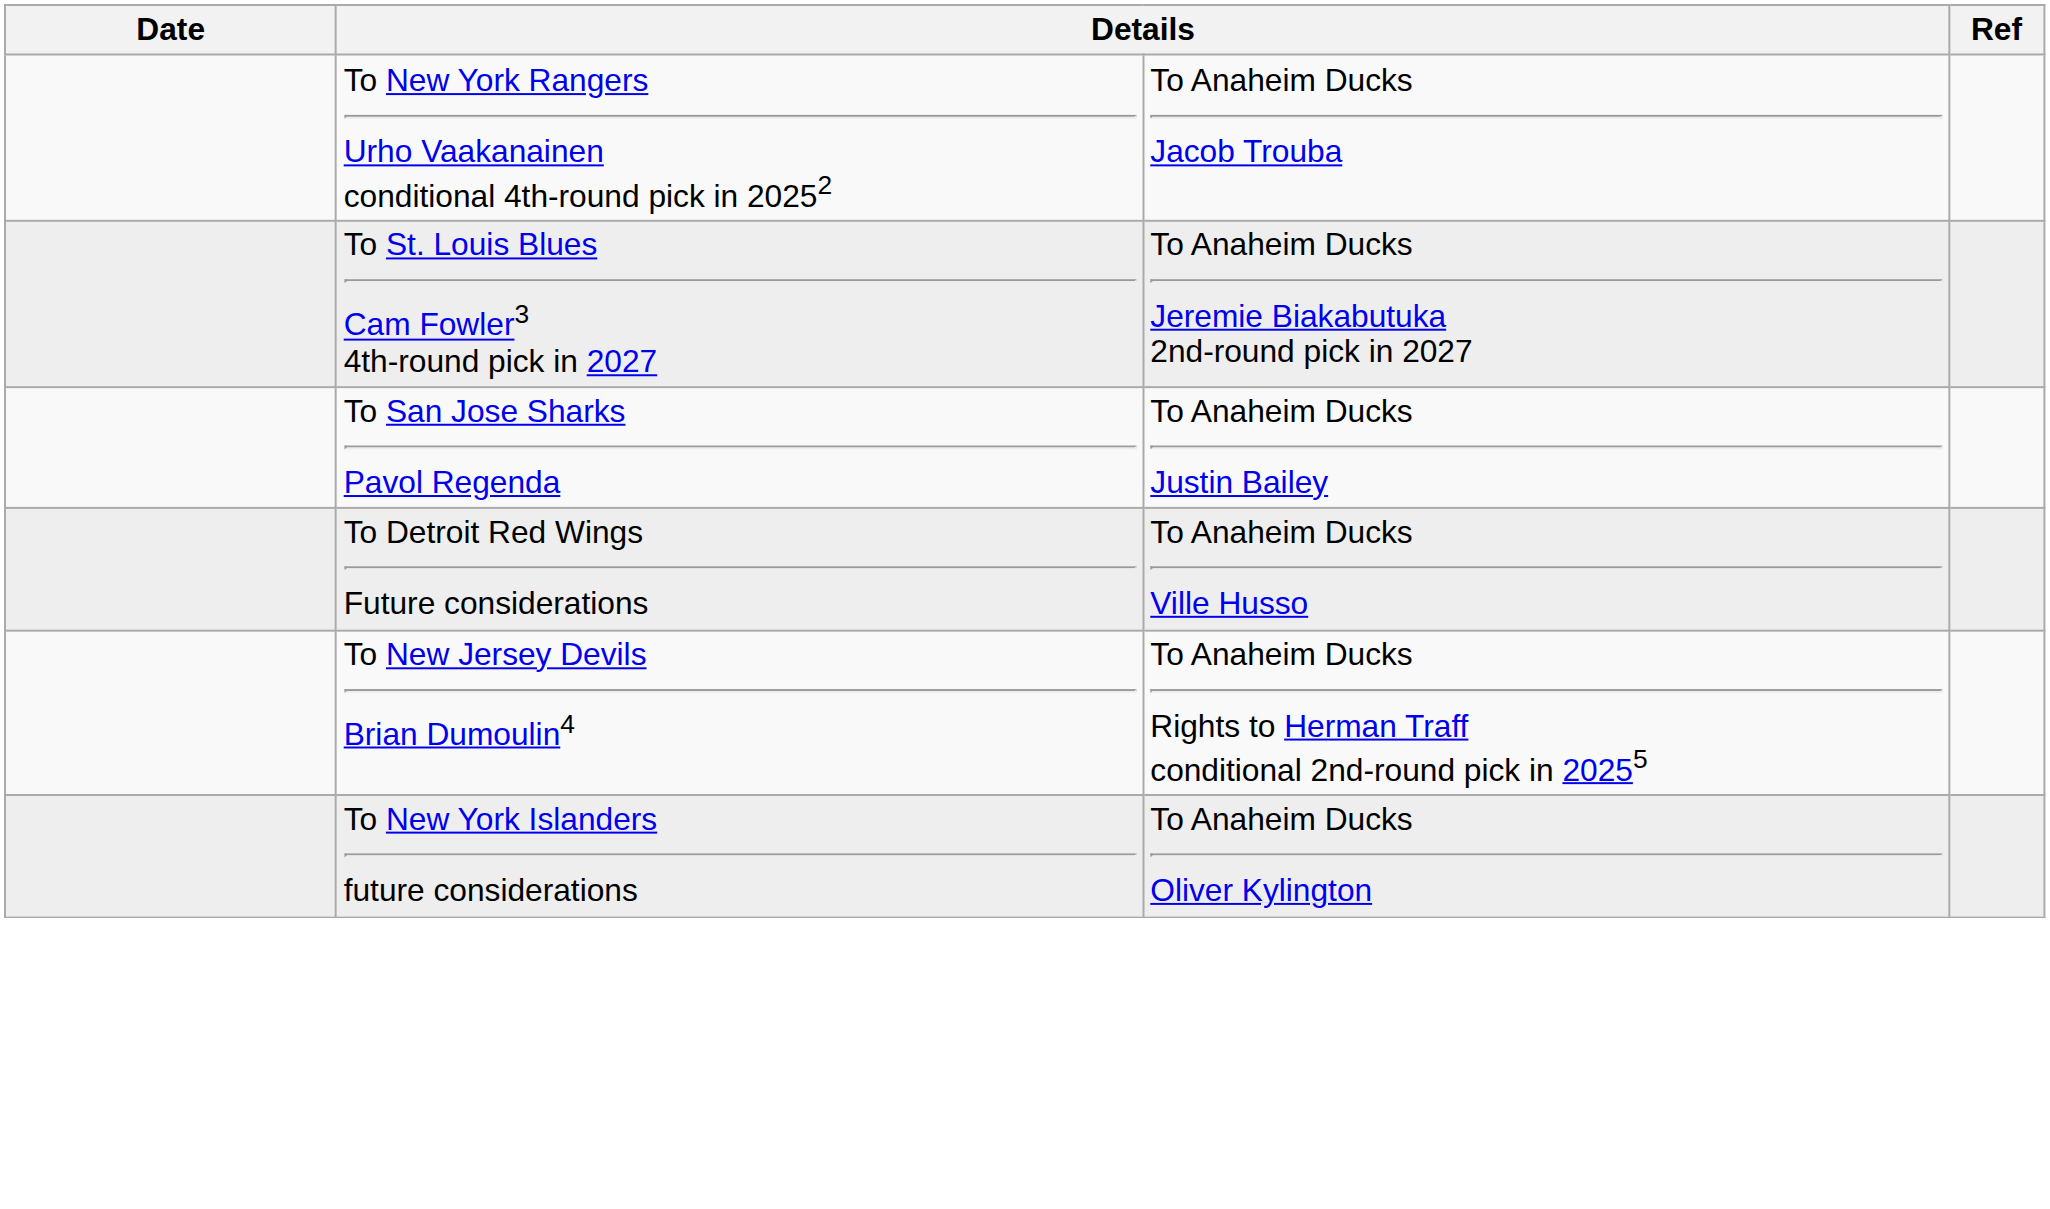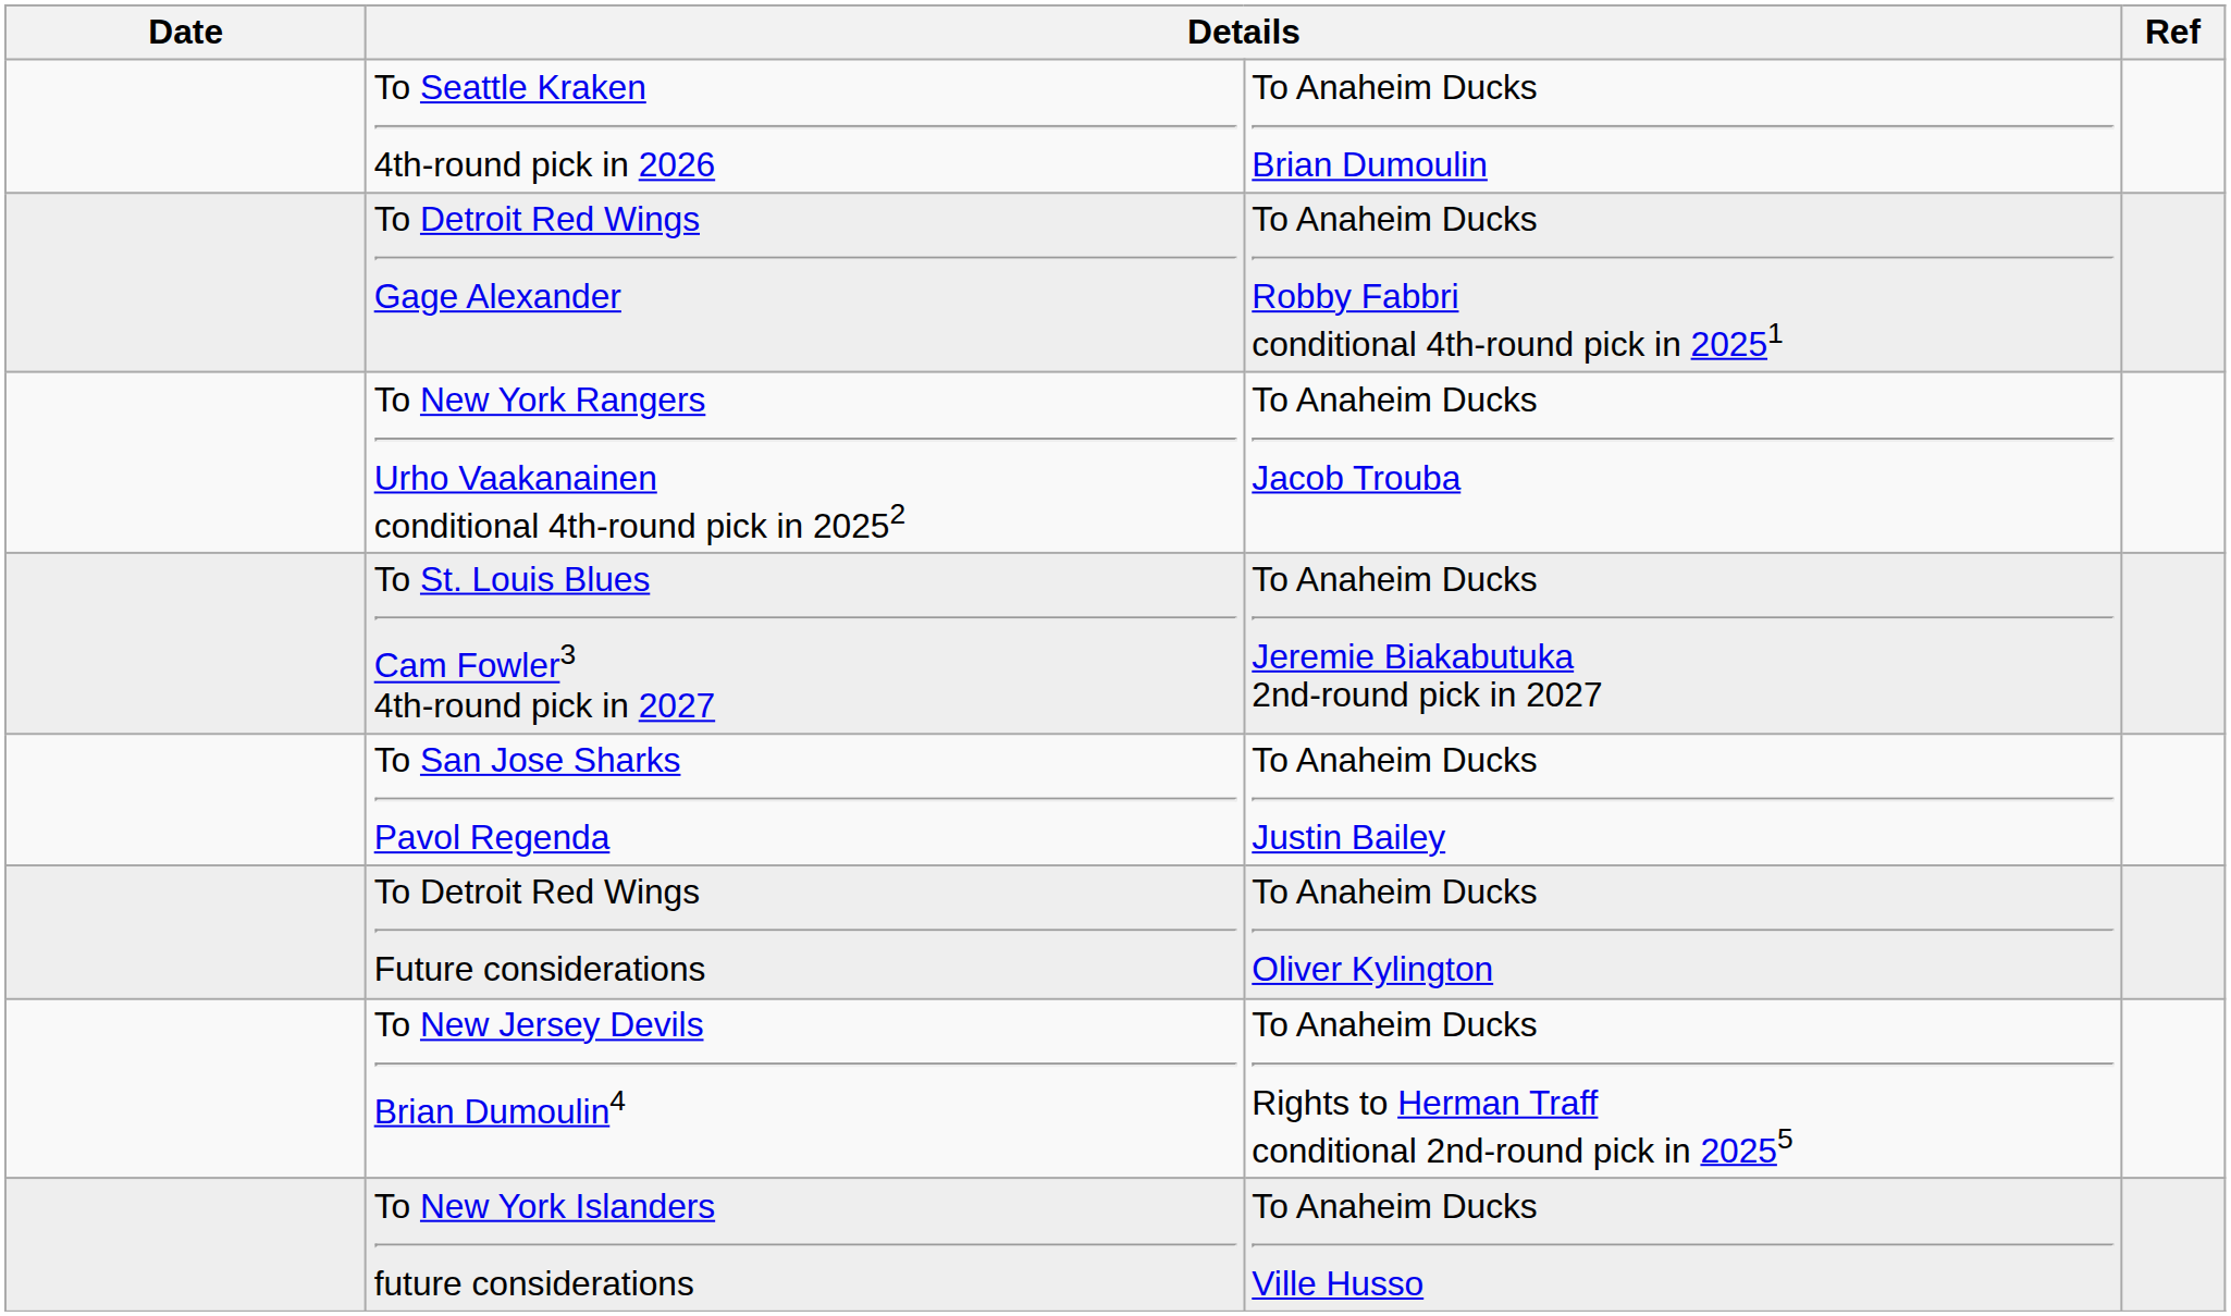 <table class="wikitable">
 <tr>
 <th style="width: 10em;">Date</th>
 <th colspan=2>Details</th>
 <th style="width: 2.5em;">Ref</th>
+</tr>
+<tr>
+<td></td>
+<td style="width: 25em;" valign="top">To <a href='#'>Seattle Kraken</a><hr>4th-round pick in <a href='#'>2026</a></td>
+<td style="width: 25em;" valign="top">To Anaheim Ducks<hr><a href='#'>Brian Dumoulin</a></td>
+<td></td>
+</tr>
+<tr bgcolor="eeeeee">
+<td></td>
+<td style="width: 25em;" valign="top">To <a href='#'>Detroit Red Wings</a><hr><a href='#'>Gage Alexander</a></td>
+<td style="width: 25em;" valign="top">To Anaheim Ducks<hr><a href='#'>Robby Fabbri</a><br>conditional 4th-round pick in <a href='#'>2025</a><sup>1</sup></td>
+<td></td>
 </tr>
 <tr>
 <td></td>
 <td style="width: 25em;" valign="top">To <a href='#'>New York Rangers</a><hr><a href='#'>Urho Vaakanainen</a><br>conditional 4th-round pick in 2025<sup>2</sup></td>
 <td style="width: 25em;" valign="top">To Anaheim Ducks<hr><a href='#'>Jacob Trouba</a></td>
 <td></td>
 </tr>
 <tr bgcolor="eeeeee">
 <td></td>
 <td style="width: 25em;" valign="top">To <a href='#'>St. Louis Blues</a><hr><a href='#'>Cam Fowler</a><sup>3</sup><br>4th-round pick in <a href='#'>2027</a></td>
 <td style="width: 25em;" valign="top">To Anaheim Ducks<hr><a href='#'>Jeremie Biakabutuka</a><br>2nd-round pick in 2027</td>
 <td></td>
 </tr>
 <tr>
 <td></td>
 <td style="width: 25em;" valign="top">To <a href='#'>San Jose Sharks</a><hr><a href='#'>Pavol Regenda</a></td>
 <td style="width: 25em;" valign="top">To Anaheim Ducks<hr><a href='#'>Justin Bailey</a></td>
 <td></td>
 </tr>
 <tr bgcolor="eeeeee">
 <td></td>
 <td style="width: 25em;" valign="top">To Detroit Red Wings<hr>Future considerations</td>
-<td style="width: 25em;" valign="top">To Anaheim Ducks<hr><a href='#'>Ville Husso</a></td>
+<td style="width: 25em;" valign="top">To Anaheim Ducks<hr><a href='#'>Oliver Kylington</a></td>
 <td></td>
 </tr>
 <tr>
 <td></td>
 <td style="width: 25em;" valign="top">To <a href='#'>New Jersey Devils</a><hr><a href='#'>Brian Dumoulin</a><sup>4</sup></td>
 <td style="width: 25em;" valign="top">To Anaheim Ducks<hr>Rights to <a href='#'>Herman Traff</a><br>conditional 2nd-round pick in <a href='#'>2025</a><sup>5</sup></td>
 <td></td>
 </tr>
 <tr bgcolor="eeeeee">
 <td></td>
 <td style="width: 25em;" valign="top">To <a href='#'>New York Islanders</a><hr><span>future considerations</span></td>
-<td style="width: 25em;" valign="top">To Anaheim Ducks<hr><a href='#'>Oliver Kylington</a></td>
+<td style="width: 25em;" valign="top">To Anaheim Ducks<hr><a href='#'>Ville Husso</a></td>
 <td></td>
 </tr>
 <tr>
 </tr>
 </table>
